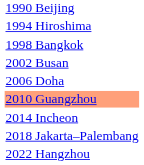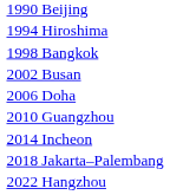 <table>
 <tr>
 <td><a href='#'>1990 Beijing</a></td>
 <td></td>
 <td></td>
 <td></td>
 </tr>
 <tr>
 <td rowspan=3><a href='#'>1994 Hiroshima</a></td>
 <td rowspan=3></td>
 <td rowspan=3></td>
 <td></td>
 </tr>
 <tr>
 <td></td>
 </tr>
 <tr>
 <td></td>
 </tr>
 <tr>
 <td rowspan=3><a href='#'>1998 Bangkok</a></td>
 <td rowspan=3></td>
 <td rowspan=3></td>
 <td></td>
 </tr>
 <tr>
 <td></td>
 </tr>
 <tr>
 <td></td>
 </tr>
 <tr>
 <td><a href='#'>2002 Busan</a></td>
 <td></td>
 <td></td>
 <td></td>
 </tr>
 <tr>
 <td><a href='#'>2006 Doha</a></td>
 <td></td>
 <td></td>
 <td></td>
 </tr>
 <tr>
-<td style="background: lightsalmon;"><a href='#'>2010 Guangzhou</a></td>
+<td><a href='#'>2010 Guangzhou</a></td>
 <td></td>
 <td></td>
 <td></td>
 </tr>
 <tr>
 <td><a href='#'>2014 Incheon</a></td>
 <td></td>
 <td></td>
 <td></td>
 </tr>
 <tr>
 <td><a href='#'>2018 Jakarta–Palembang</a></td>
 <td></td>
 <td></td>
 <td></td>
 </tr>
 <tr>
 <td><a href='#'>2022 Hangzhou</a></td>
 <td></td>
 <td></td>
 <td></td>
 </tr>
 </table>
